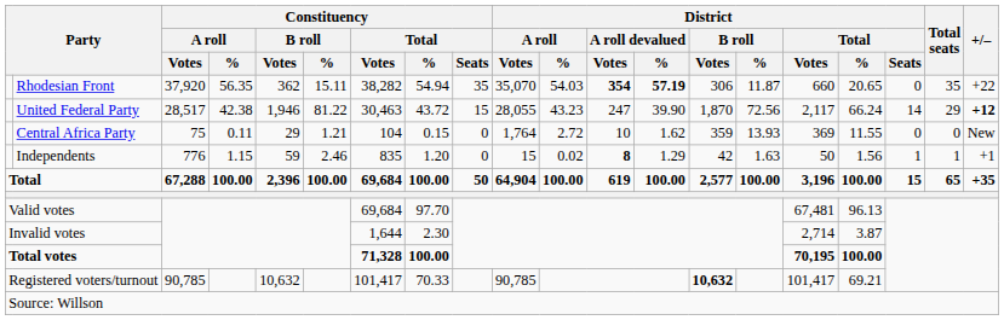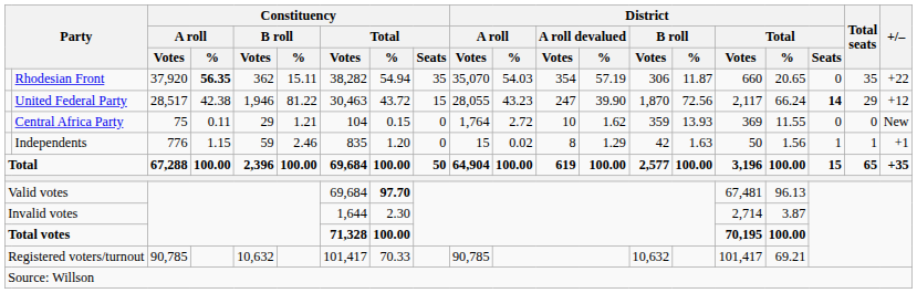 <table class="wikitable sortable" style=text-align:right>
 <tr>
 <th rowspan=3 colspan=2>Party</th>
 <th colspan=7>Constituency</th>
 <th colspan=9>District</th>
 <th rowspan=3>Total<br>seats</th>
 <th rowspan=3>+/–</th>
 </tr>
 <tr>
 <th colspan=2>A roll</th>
 <th colspan=2>B roll</th>
 <th colspan=3>Total</th>
 <th colspan=2>A roll</th>
 <th colspan=2>A roll devalued</th>
 <th colspan=2>B roll</th>
 <th colspan=3>Total</th>
 </tr>
 <tr>
 <th>Votes</th>
 <th>%</th>
 <th>Votes</th>
 <th>%</th>
 <th>Votes</th>
 <th>%</th>
 <th>Seats</th>
 <th>Votes</th>
 <th>%</th>
 <th>Votes</th>
 <th>%</th>
 <th>Votes</th>
 <th>%</th>
 <th>Votes</th>
 <th>%</th>
 <th>Seats</th>
 </tr>
 <tr>
 <td bgcolor=></td>
 <td align=left><a href='#'>Rhodesian Front</a></td>
 <td>37,920</td>
-<td>56.35</td>
+<td><strong>56.35</strong></td>
 <td>362</td>
 <td>15.11</td>
 <td>38,282</td>
 <td>54.94</td>
 <td>35</td>
 <td>35,070</td>
 <td>54.03</td>
-<td><strong>354</strong></td>
-<td><strong>57.19</strong></td>
+<td>354</td>
+<td>57.19</td>
 <td>306</td>
 <td>11.87</td>
 <td>660</td>
 <td>20.65</td>
 <td>0</td>
 <td>35</td>
 <td>+22</td>
 </tr>
 <tr>
 <td bgcolor=></td>
 <td align=left><a href='#'>United Federal Party</a></td>
 <td>28,517</td>
 <td>42.38</td>
 <td>1,946</td>
 <td>81.22</td>
 <td>30,463</td>
 <td>43.72</td>
 <td>15</td>
 <td>28,055</td>
 <td>43.23</td>
 <td>247</td>
 <td>39.90</td>
 <td>1,870</td>
 <td>72.56</td>
 <td>2,117</td>
 <td>66.24</td>
-<td>14</td>
+<td><strong>14</strong></td>
 <td>29</td>
-<td><strong>+12</strong></td>
+<td>+12</td>
 </tr>
 <tr>
 <td></td>
 <td align=left><a href='#'>Central Africa Party</a></td>
 <td>75</td>
 <td>0.11</td>
 <td>29</td>
 <td>1.21</td>
 <td>104</td>
 <td>0.15</td>
 <td>0</td>
 <td>1,764</td>
 <td>2.72</td>
 <td>10</td>
 <td>1.62</td>
 <td>359</td>
 <td>13.93</td>
 <td>369</td>
 <td>11.55</td>
 <td>0</td>
 <td>0</td>
 <td>New</td>
 </tr>
 <tr>
 <td bgcolor=></td>
 <td align=left>Independents</td>
 <td>776</td>
 <td>1.15</td>
 <td>59</td>
 <td>2.46</td>
 <td>835</td>
 <td>1.20</td>
 <td>0</td>
 <td>15</td>
 <td>0.02</td>
-<td><strong>8</strong></td>
+<td>8</td>
 <td>1.29</td>
 <td>42</td>
 <td>1.63</td>
 <td>50</td>
 <td>1.56</td>
 <td>1</td>
 <td>1</td>
 <td>+1</td>
 </tr>
 <tr class=sortbottom style=font-weight:bold>
 <td align=left colspan=2>Total</td>
 <td>67,288</td>
 <td>100.00</td>
 <td>2,396</td>
 <td>100.00</td>
 <td>69,684</td>
 <td>100.00</td>
 <td>50</td>
 <td>64,904</td>
 <td>100.00</td>
 <td>619</td>
 <td>100.00</td>
 <td>2,577</td>
 <td>100.00</td>
 <td>3,196</td>
 <td>100.00</td>
 <td>15</td>
 <td>65</td>
 <td>+35</td>
 </tr>
 <tr class=sortbottom>
 <th colspan=20></th>
 </tr>
 <tr class=sortbottom>
 <td align=left colspan=2>Valid votes</td>
 <td colspan=4 rowspan=3></td>
 <td>69,684</td>
-<td>97.70</td>
+<td><strong>97.70</strong></td>
 <td rowspan=3 colspan=7></td>
 <td>67,481</td>
 <td>96.13</td>
 <td colspan=3 rowspan=4></td>
 </tr>
 <tr class=sortbottom>
 <td align=left colspan=2>Invalid votes</td>
 <td>1,644</td>
 <td>2.30</td>
 <td>2,714</td>
 <td>3.87</td>
 </tr>
 <tr style=font-weight:bold class=sortbottom>
 <td align=left colspan=2>Total votes</td>
 <td>71,328</td>
 <td>100.00</td>
 <td>70,195</td>
 <td>100.00</td>
 </tr>
 <tr class=sortbottom>
 <td align=left colspan=2>Registered voters/turnout</td>
 <td>90,785</td>
 <td></td>
 <td>10,632</td>
 <td></td>
 <td>101,417</td>
 <td>70.33</td>
 <td></td>
 <td>90,785</td>
 <td colspan=3></td>
-<td><strong>10,632</strong></td>
+<td>10,632</td>
 <td></td>
 <td>101,417</td>
 <td>69.21</td>
 </tr>
 <tr class=sortbottom>
 <td align=left colspan=20>Source: Willson</td>
 </tr>
 </table>
